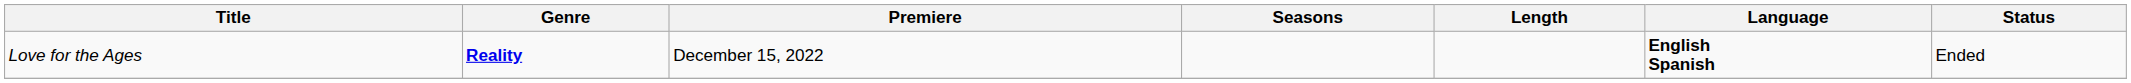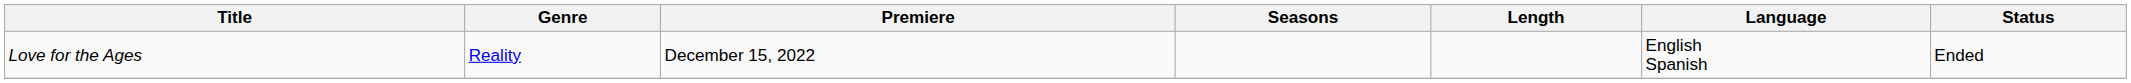 <table class="wikitable sortable" style="width:100%;">
 <tr>
 <th>Title</th>
 <th>Genre</th>
 <th>Premiere</th>
 <th>Seasons</th>
 <th>Length</th>
 <th>Language</th>
 <th>Status</th>
 </tr>
 <tr>
 <td><em>Love for the Ages</em></td>
-<td><strong><a href='#'>Reality</a></strong></td>
+<td><a href='#'>Reality</a></td>
 <td>December 15, 2022</td>
 <td></td>
 <td></td>
-<td><strong>English<br>Spanish</strong></td>
+<td>English<br>Spanish</td>
 <td>Ended</td>
 </tr>
 <tr>
 </tr>
 </table>
